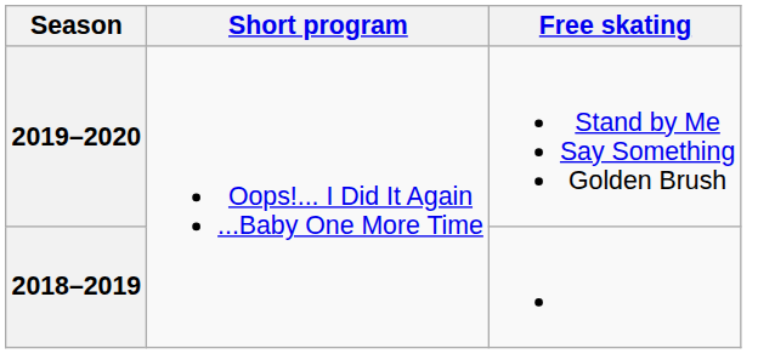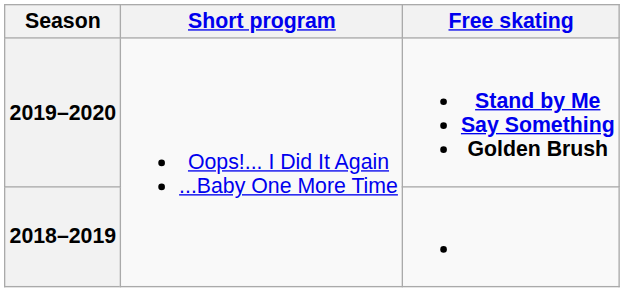 <table class=wikitable style=text-align:center>
 <tr>
 <th>Season</th>
 <th><a href='#'>Short program</a></th>
 <th><a href='#'>Free skating</a></th>
 </tr>
 <tr>
 <th>2019–2020 <br> </th>
 <td rowspan=2><br><ul><li><a href='#'>Oops!... I Did It Again</a> <br></li><li><a href='#'>...Baby One More Time</a> <br></li></ul></td>
-<td><br><ul><li><a href='#'>Stand by Me</a> <br></li><li><a href='#'>Say Something</a> <br></li><li>Golden Brush <br></li></ul></td>
+<td><strong><br><ul><li><a href='#'>Stand by Me</a> <br></li><li><a href='#'>Say Something</a> <br></li><li>Golden Brush <br></li></ul></strong></td>
 </tr>
 <tr>
 <th>2018–2019</th>
 <td><br><ul><li></li></ul></td>
 </tr>
 </table>
